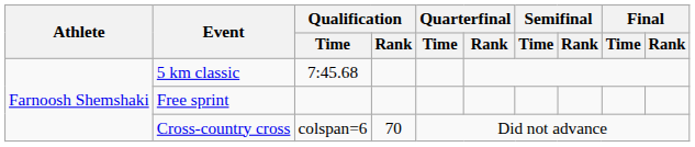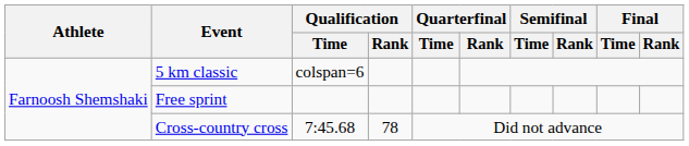 <table class="wikitable" style="font-size:90%">
 <tr>
 <th rowspan="2">Athlete</th>
 <th rowspan="2">Event</th>
 <th colspan="2">Qualification</th>
 <th colspan="2">Quarterfinal</th>
 <th colspan="2">Semifinal</th>
 <th colspan="2">Final</th>
 </tr>
 <tr style="font-size:95%">
 <th>Time</th>
 <th>Rank</th>
 <th>Time</th>
 <th>Rank</th>
 <th>Time</th>
 <th>Rank</th>
 <th>Time</th>
 <th>Rank</th>
 </tr>
 <tr align=center>
 <td align=left rowspan=3><a href='#'>Farnoosh Shemshaki</a></td>
 <td align=left><a href='#'>5 km classic</a></td>
-<td>7:45.68</td>
+<td>colspan=6 </td>
 <td></td>
 <td></td>
 </tr>
 <tr align=center>
 <td align=left><a href='#'>Free sprint</a></td>
 <td></td>
 <td></td>
 <td></td>
 <td></td>
 <td></td>
 <td></td>
 <td></td>
 <td></td>
 </tr>
 <tr align=center>
 <td align=left><a href='#'>Cross-country cross</a></td>
-<td>colspan=6 </td>
-<td>70</td>
+<td>7:45.68</td>
+<td>78</td>
 <td colspan="6">Did not advance</td>
 </tr>
 </table>
